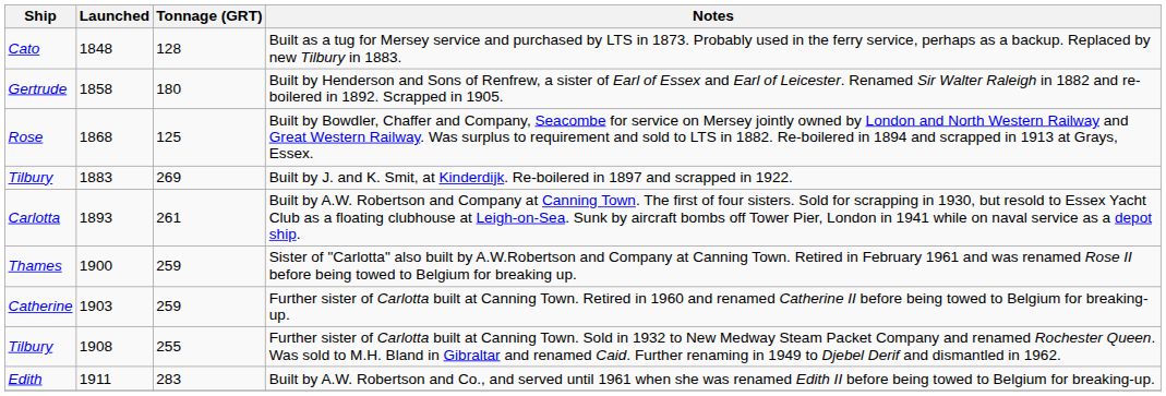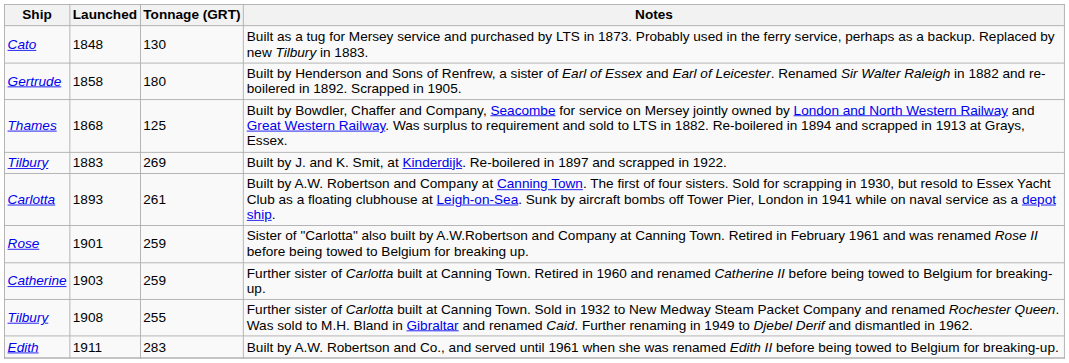 <table class="wikitable">
 <tr>
 <th>Ship</th>
 <th>Launched</th>
 <th>Tonnage (GRT)</th>
 <th>Notes</th>
 </tr>
 <tr>
 <td><a href='#'><em>Cato</em></a></td>
 <td>1848</td>
-<td>128</td>
+<td>130</td>
 <td>Built as a tug for Mersey service and purchased by LTS in 1873. Probably used in the ferry service, perhaps as a backup. Replaced by new <em>Tilbury</em> in 1883.</td>
 </tr>
 <tr>
 <td><a href='#'><em>Gertrude</em></a></td>
 <td>1858</td>
 <td>180</td>
 <td>Built by Henderson and Sons of Renfrew, a sister of <em>Earl of Essex</em> and <em>Earl of Leicester</em>. Renamed <em>Sir Walter Raleigh</em> in 1882 and re-boilered in 1892. Scrapped in 1905.</td>
 </tr>
 <tr>
-<td><a href='#'><em>Rose</em></a></td>
+<td><a href='#'><em>Thames</em></a></td>
 <td>1868</td>
 <td>125</td>
 <td>Built by Bowdler, Chaffer and Company, <a href='#'>Seacombe</a> for service on Mersey jointly owned by <a href='#'>London and North Western Railway</a> and <a href='#'>Great Western Railway</a>. Was surplus to requirement and sold to LTS in 1882. Re-boilered in 1894 and scrapped in 1913 at Grays, Essex.</td>
 </tr>
 <tr>
 <td><a href='#'><em>Tilbury</em></a></td>
 <td>1883</td>
 <td>269</td>
 <td>Built by J. and K. Smit, at <a href='#'>Kinderdijk</a>. Re-boilered in 1897 and scrapped in 1922.</td>
 </tr>
 <tr>
 <td><a href='#'><em>Carlotta</em></a></td>
 <td>1893</td>
 <td>261</td>
 <td>Built by A.W. Robertson and Company at <a href='#'>Canning Town</a>. The first of four sisters. Sold for scrapping in 1930, but resold to Essex Yacht Club as a floating clubhouse at <a href='#'>Leigh-on-Sea</a>. Sunk by aircraft bombs off Tower Pier, London in 1941 while on naval service as a <a href='#'>depot ship</a>.</td>
 </tr>
 <tr>
-<td><a href='#'><em>Thames</em></a></td>
-<td>1900</td>
+<td><a href='#'><em>Rose</em></a></td>
+<td>1901</td>
 <td>259</td>
 <td>Sister of "Carlotta" also built by A.W.Robertson and Company at Canning Town. Retired in February 1961 and was renamed <em>Rose II</em> before being towed to Belgium for breaking up.</td>
 </tr>
 <tr>
 <td><a href='#'><em>Catherine</em></a></td>
 <td>1903</td>
 <td>259</td>
 <td>Further sister of <em>Carlotta</em> built at Canning Town. Retired in 1960 and renamed <em>Catherine II</em> before being towed to Belgium for breaking-up.</td>
 </tr>
 <tr>
 <td><a href='#'><em>Tilbury</em></a></td>
 <td>1908</td>
 <td>255</td>
 <td>Further sister of <em>Carlotta</em> built at Canning Town. Sold in 1932 to New Medway Steam Packet Company and renamed <em>Rochester Queen</em>. Was sold to M.H. Bland in <a href='#'>Gibraltar</a> and renamed <em>Caid</em>. Further renaming in 1949 to <em>Djebel Derif</em> and dismantled in 1962.</td>
 </tr>
 <tr>
 <td><a href='#'><em>Edith</em></a></td>
 <td>1911</td>
 <td>283</td>
 <td>Built by A.W. Robertson and Co., and served until 1961 when she was renamed <em>Edith II</em> before being towed to Belgium for breaking-up.</td>
 </tr>
 <tr>
 </tr>
 </table>
